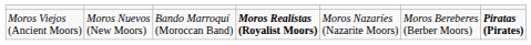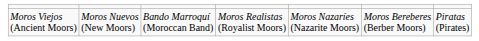 <table class="wikitable" style="margin-left: auto; margin-right: auto; border: none;">
 <tr>
 <td></td>
 <td></td>
 <td></td>
 <td></td>
 <td></td>
 <td></td>
 <td></td>
 </tr>
 <tr>
 <td><em>Moros Viejos</em><br>(Ancient Moors)</td>
 <td><em>Moros Nuevos</em><br>(New Moors)</td>
 <td><em>Bando Marroquí</em><br>(Moroccan Band)</td>
-<td><strong><em>Moros Realistas</em><br>(Royalist Moors)</strong></td>
+<td><em>Moros Realistas</em><br>(Royalist Moors)</td>
 <td><em>Moros Nazaríes</em><br>(Nazarite Moors)</td>
 <td><em>Moros Bereberes</em><br>(Berber Moors)</td>
-<td><strong><em>Piratas</em><br>(Pirates)</strong></td>
+<td><em>Piratas</em><br>(Pirates)</td>
 </tr>
 </table>
